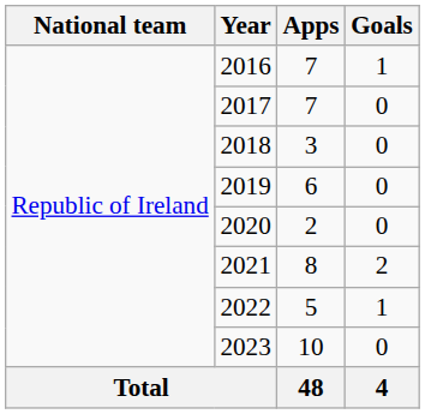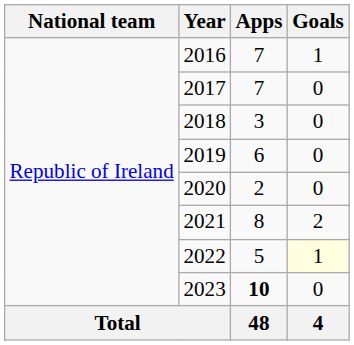 <table class="wikitable" style="text-align:center">
 <tr>
 <th>National team</th>
 <th>Year</th>
 <th>Apps</th>
 <th>Goals</th>
 </tr>
 <tr>
 <td rowspan="8"><a href='#'>Republic of Ireland</a></td>
 <td>2016</td>
 <td>7</td>
 <td>1</td>
 </tr>
 <tr>
 <td>2017</td>
 <td>7</td>
 <td>0</td>
 </tr>
 <tr>
 <td>2018</td>
 <td>3</td>
 <td>0</td>
 </tr>
 <tr>
 <td>2019</td>
 <td>6</td>
 <td>0</td>
 </tr>
 <tr>
 <td>2020</td>
 <td>2</td>
 <td>0</td>
 </tr>
 <tr>
 <td>2021</td>
 <td>8</td>
 <td>2</td>
 </tr>
 <tr>
 <td>2022</td>
 <td>5</td>
-<td>1</td>
+<td style="background: lightyellow;">1</td>
 </tr>
 <tr>
 <td>2023</td>
-<td>10</td>
+<td><strong>10</strong></td>
 <td>0</td>
 </tr>
 <tr>
 <th colspan="2">Total</th>
 <th>48</th>
 <th>4</th>
 </tr>
 </table>
